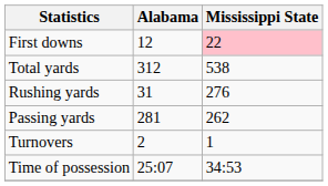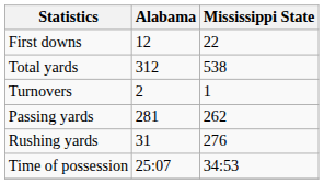 <table class="wikitable" style="float: left;">
 <tr>
 <th>Statistics</th>
 <th>Alabama</th>
 <th>Mississippi State</th>
 </tr>
 <tr>
 <td>First downs</td>
 <td>12</td>
-<td style="background: pink;">22</td>
+<td>22</td>
 </tr>
 <tr>
 <td>Total yards</td>
 <td>312</td>
 <td>538</td>
 </tr>
 <tr>
-<td>Rushing yards</td>
-<td>31</td>
-<td>276</td>
+<td>Turnovers</td>
+<td>2</td>
+<td>1</td>
 </tr>
 <tr>
 <td>Passing yards</td>
 <td>281</td>
 <td>262</td>
 </tr>
 <tr>
-<td>Turnovers</td>
-<td>2</td>
-<td>1</td>
+<td>Rushing yards</td>
+<td>31</td>
+<td>276</td>
 </tr>
 <tr>
 <td>Time of possession</td>
 <td>25:07</td>
 <td>34:53</td>
 </tr>
 <tr>
 </tr>
 </table>
